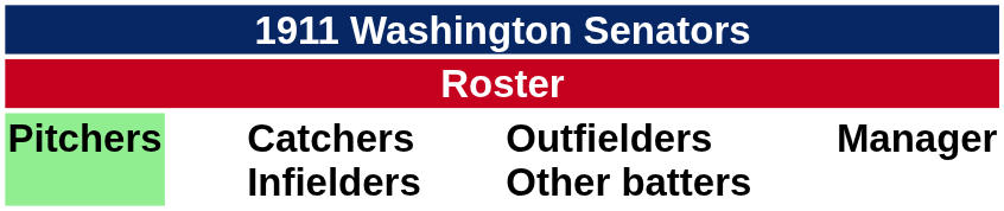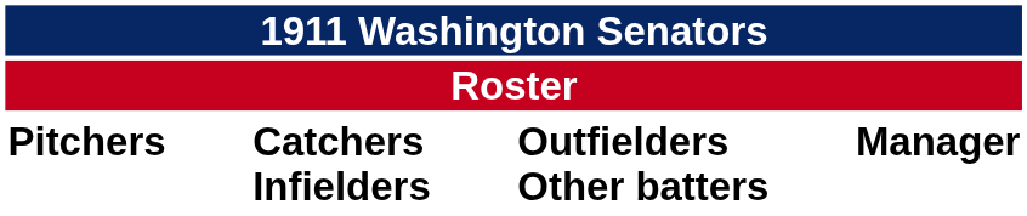 <table class="toccolours" style="font-size: 95%;">
 <tr>
 <th colspan="10" style="background-color: #072764; color: white; text-align: center;">1911 Washington Senators</th>
 </tr>
 <tr>
 <td colspan="10" style="background-color: #c6011f; color: white; text-align: center;"><strong>Roster</strong></td>
 </tr>
 <tr>
-<td valign="top" style="background: lightgreen;"><strong>Pitchers</strong><br>         </td>
+<td valign="top"><strong>Pitchers</strong><br>         </td>
 <td width="25px"></td>
 <td valign="top"><strong>Catchers</strong><br>   <strong>Infielders</strong>       </td>
 <td width="25px"></td>
 <td valign="top"><strong>Outfielders</strong><br>       <strong>Other batters</strong> </td>
 <td width="25px"></td>
 <td valign="top"><strong>Manager</strong><br></td>
 </tr>
 </table>
